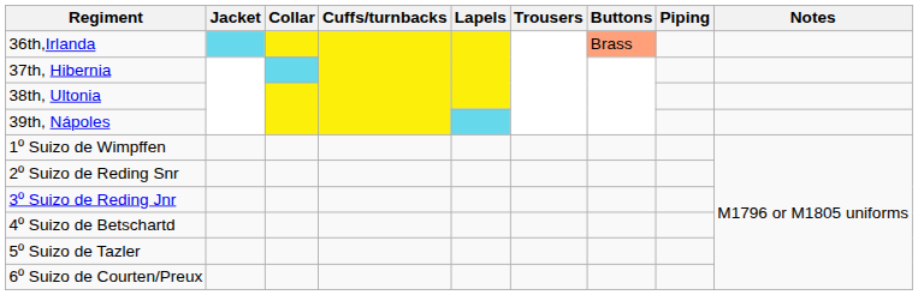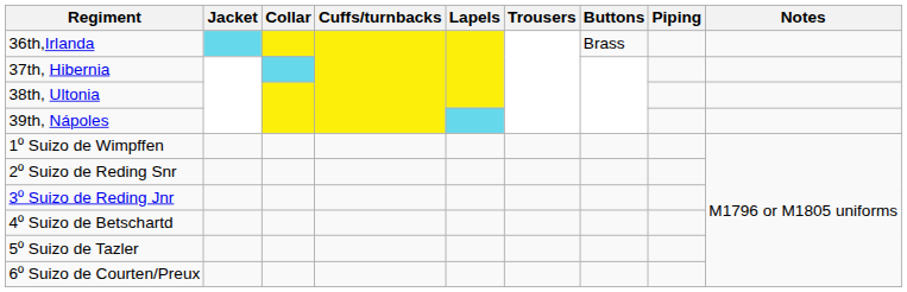 <table class="wikitable sortable">
 <tr>
 <th>Regiment</th>
 <th>Jacket</th>
 <th>Collar</th>
 <th>Cuffs/turnbacks</th>
 <th>Lapels</th>
 <th>Trousers</th>
 <th>Buttons</th>
 <th>Piping</th>
 <th>Notes</th>
 </tr>
 <tr>
 <td>36th,<a href='#'>Irlanda</a></td>
 <td style="background:#65d9eb;"></td>
 <td style="background:#fcf00a;"></td>
 <td rowspan="4" style="background:#fcf00a;"></td>
 <td rowspan="3" style="background:#fcf00a;"></td>
 <td rowspan="4" style="background:#fff;"></td>
-<td style="background: lightsalmon;">Brass</td>
+<td>Brass</td>
 <td></td>
 <td></td>
 </tr>
 <tr>
 <td>37th, <a href='#'>Hibernia</a></td>
 <td rowspan="3" style="background:#fff;"></td>
 <td style="background:#65d9eb;"></td>
 <td rowspan="3" style="background:#fff;"></td>
 <td></td>
 <td></td>
 </tr>
 <tr>
 <td>38th, <a href='#'>Ultonia</a></td>
 <td rowspan="2" style="background:#fcf00a;"></td>
 <td></td>
 <td></td>
 </tr>
 <tr>
 <td>39th, <a href='#'>Nápoles</a></td>
 <td style="background:#65d9eb;"></td>
 <td></td>
 <td></td>
 </tr>
 <tr>
 <td>1º Suizo de Wimpffen</td>
 <td></td>
 <td></td>
 <td></td>
 <td></td>
 <td></td>
 <td></td>
 <td></td>
 <td rowspan="6">M1796 or M1805 uniforms</td>
 </tr>
 <tr>
 <td>2º Suizo de Reding Snr</td>
 <td></td>
 <td></td>
 <td></td>
 <td></td>
 <td></td>
 <td></td>
 <td></td>
 </tr>
 <tr>
 <td><a href='#'>3º Suizo de Reding Jnr</a></td>
 <td></td>
 <td></td>
 <td></td>
 <td></td>
 <td></td>
 <td></td>
 <td></td>
 </tr>
 <tr>
 <td>4º Suizo de Betschartd</td>
 <td></td>
 <td></td>
 <td></td>
 <td></td>
 <td></td>
 <td></td>
 <td></td>
 </tr>
 <tr>
 <td>5º Suizo de Tazler</td>
 <td></td>
 <td></td>
 <td></td>
 <td></td>
 <td></td>
 <td></td>
 <td></td>
 </tr>
 <tr>
 <td>6º Suizo de Courten/Preux</td>
 <td></td>
 <td></td>
 <td></td>
 <td></td>
 <td></td>
 <td></td>
 <td></td>
 </tr>
 </table>
